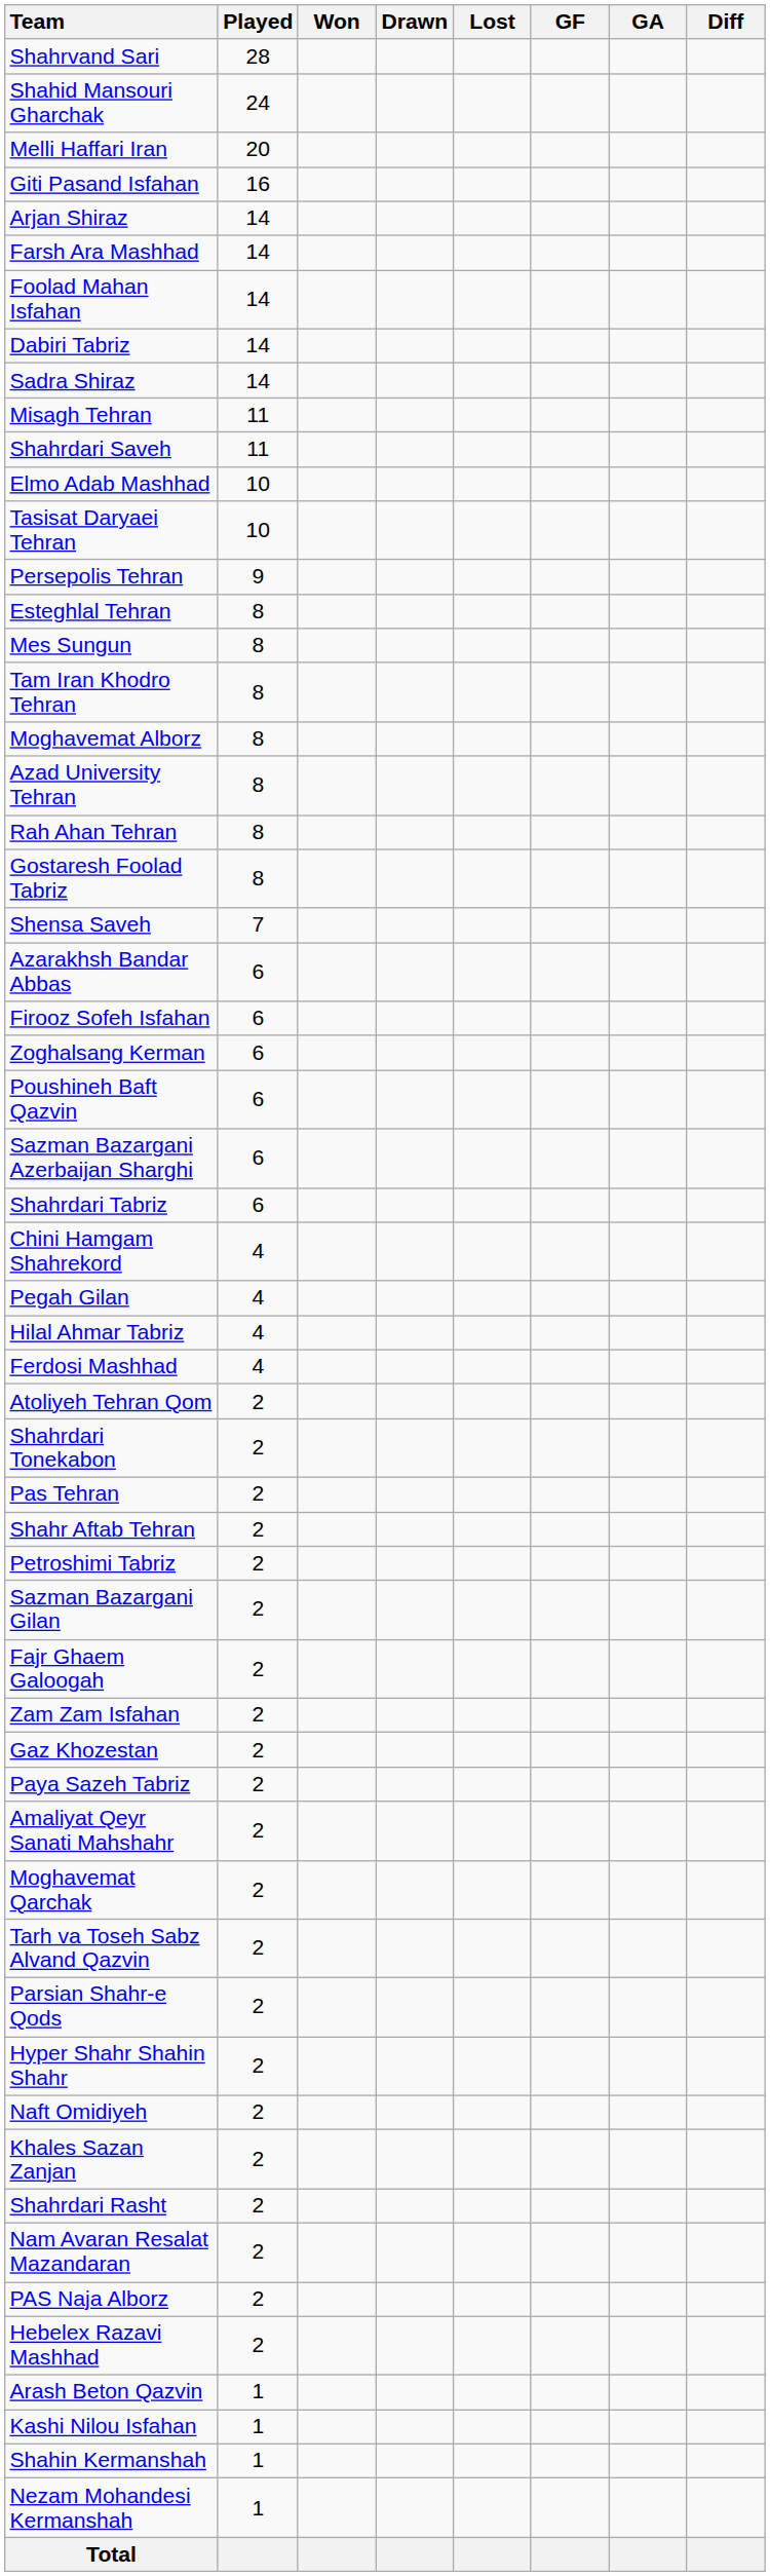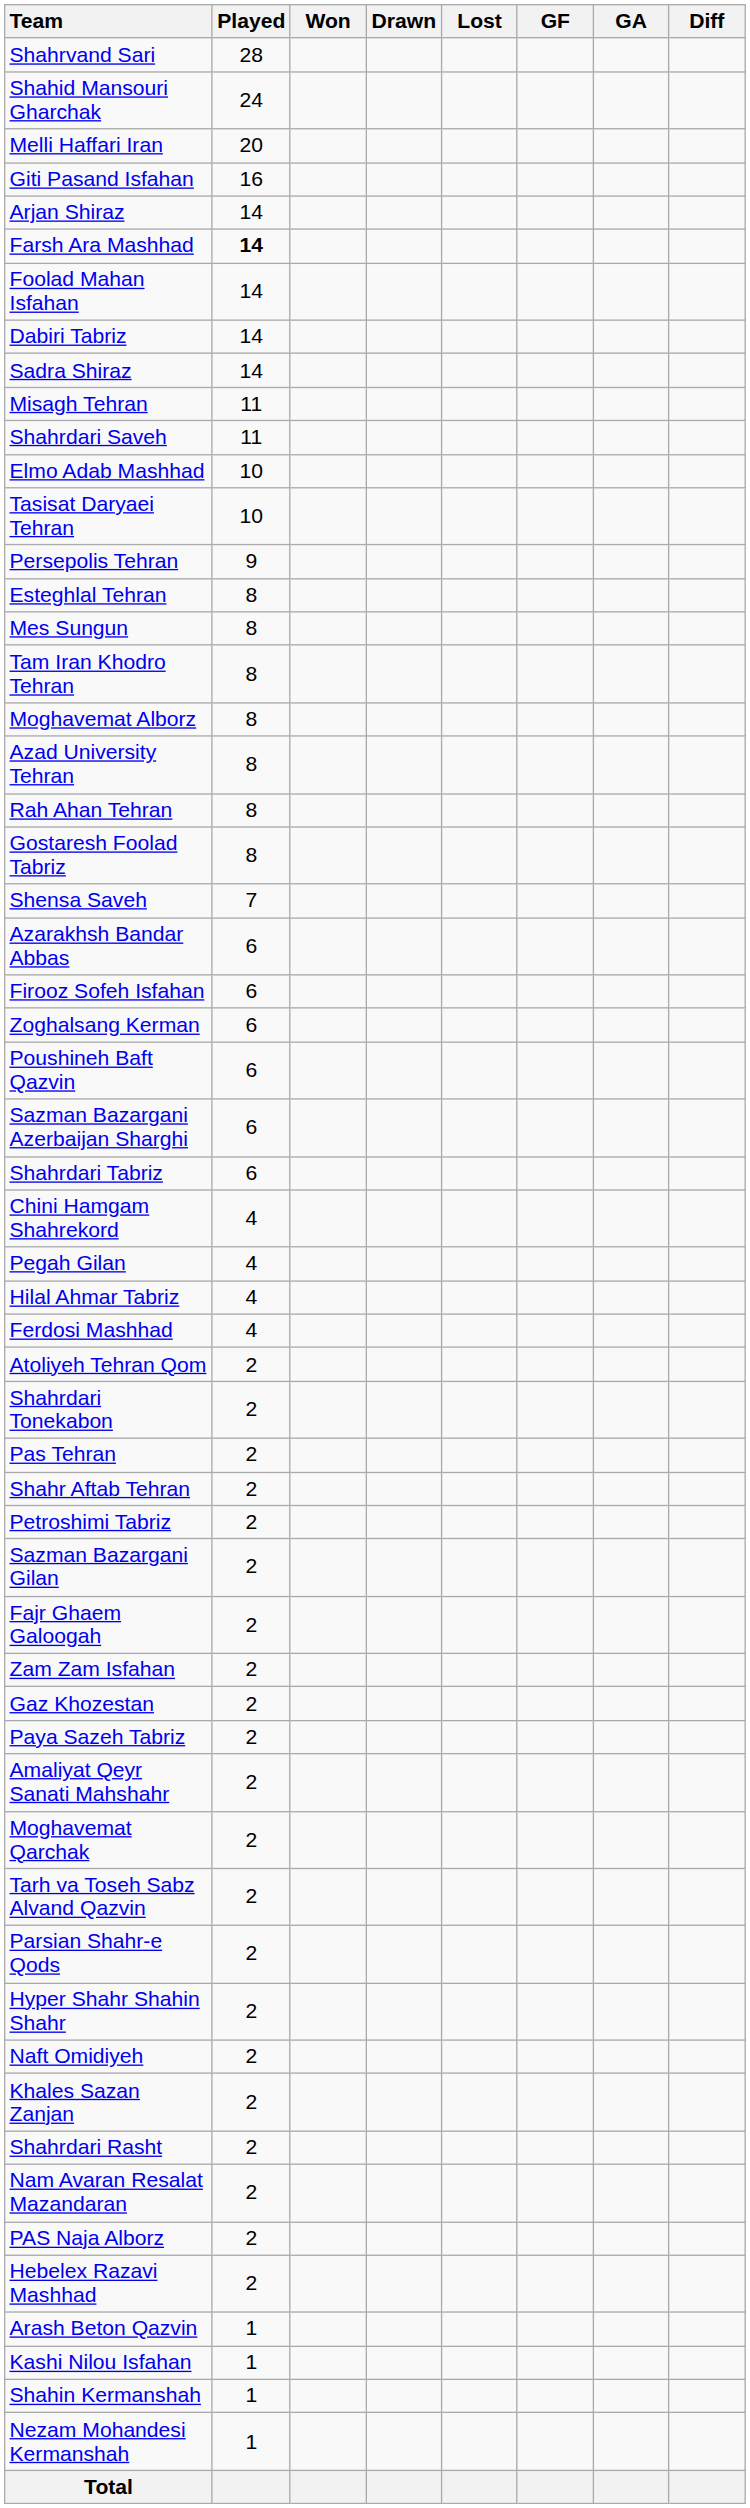 <table class="wikitable sortable collapsible collapsed" style="text-align: center; font-size: 100%">
 <tr>
 <th style="width:150px; text-align:left;">Team</th>
 <th style="width:50px;">Played</th>
 <th style="width:50px;">Won</th>
 <th style="width:50px;">Drawn</th>
 <th style="width:50px;">Lost</th>
 <th style="width:50px;">GF</th>
 <th style="width:50px;">GA</th>
 <th style="width:50px;">Diff</th>
 </tr>
 <tr>
 <td style="text-align:left;"><a href='#'>Shahrvand Sari</a></td>
 <td>28</td>
 <td></td>
 <td></td>
 <td></td>
 <td></td>
 <td></td>
 <td></td>
 </tr>
 <tr>
 <td style="text-align:left;"><a href='#'>Shahid Mansouri Gharchak</a></td>
 <td>24</td>
 <td></td>
 <td></td>
 <td></td>
 <td></td>
 <td></td>
 <td></td>
 </tr>
 <tr>
 <td style="text-align:left;"><a href='#'>Melli Haffari Iran</a></td>
 <td>20</td>
 <td></td>
 <td></td>
 <td></td>
 <td></td>
 <td></td>
 <td></td>
 </tr>
 <tr>
 <td style="text-align:left;"><a href='#'>Giti Pasand Isfahan</a></td>
 <td>16</td>
 <td></td>
 <td></td>
 <td></td>
 <td></td>
 <td></td>
 <td></td>
 </tr>
 <tr>
 <td style="text-align:left;"><a href='#'>Arjan Shiraz</a></td>
 <td>14</td>
 <td></td>
 <td></td>
 <td></td>
 <td></td>
 <td></td>
 <td></td>
 </tr>
 <tr>
 <td style="text-align:left;"><a href='#'>Farsh Ara Mashhad</a></td>
-<td>14</td>
+<td><strong>14</strong></td>
 <td></td>
 <td></td>
 <td></td>
 <td></td>
 <td></td>
 <td></td>
 </tr>
 <tr>
 <td style="text-align:left;"><a href='#'>Foolad Mahan Isfahan</a></td>
 <td>14</td>
 <td></td>
 <td></td>
 <td></td>
 <td></td>
 <td></td>
 <td></td>
 </tr>
 <tr>
 <td style="text-align:left;"><a href='#'>Dabiri Tabriz</a></td>
 <td>14</td>
 <td></td>
 <td></td>
 <td></td>
 <td></td>
 <td></td>
 <td></td>
 </tr>
 <tr>
 <td style="text-align:left;"><a href='#'>Sadra Shiraz</a></td>
 <td>14</td>
 <td></td>
 <td></td>
 <td></td>
 <td></td>
 <td></td>
 <td></td>
 </tr>
 <tr>
 <td style="text-align:left;"><a href='#'>Misagh Tehran</a></td>
 <td>11</td>
 <td></td>
 <td></td>
 <td></td>
 <td></td>
 <td></td>
 <td></td>
 </tr>
 <tr>
 <td style="text-align:left;"><a href='#'>Shahrdari Saveh</a></td>
 <td>11</td>
 <td></td>
 <td></td>
 <td></td>
 <td></td>
 <td></td>
 <td></td>
 </tr>
 <tr>
 <td style="text-align:left;"><a href='#'>Elmo Adab Mashhad</a></td>
 <td>10</td>
 <td></td>
 <td></td>
 <td></td>
 <td></td>
 <td></td>
 <td></td>
 </tr>
 <tr>
 <td style="text-align:left;"><a href='#'>Tasisat Daryaei Tehran</a></td>
 <td>10</td>
 <td></td>
 <td></td>
 <td></td>
 <td></td>
 <td></td>
 <td></td>
 </tr>
 <tr>
 <td style="text-align:left;"><a href='#'>Persepolis Tehran</a></td>
 <td>9</td>
 <td></td>
 <td></td>
 <td></td>
 <td></td>
 <td></td>
 <td></td>
 </tr>
 <tr>
 <td style="text-align:left;"><a href='#'>Esteghlal Tehran</a></td>
 <td>8</td>
 <td></td>
 <td></td>
 <td></td>
 <td></td>
 <td></td>
 <td></td>
 </tr>
 <tr>
 <td style="text-align:left;"><a href='#'>Mes Sungun</a></td>
 <td>8</td>
 <td></td>
 <td></td>
 <td></td>
 <td></td>
 <td></td>
 <td></td>
 </tr>
 <tr>
 <td style="text-align:left;"><a href='#'>Tam Iran Khodro Tehran</a></td>
 <td>8</td>
 <td></td>
 <td></td>
 <td></td>
 <td></td>
 <td></td>
 <td></td>
 </tr>
 <tr>
 <td style="text-align:left;"><a href='#'>Moghavemat Alborz</a></td>
 <td>8</td>
 <td></td>
 <td></td>
 <td></td>
 <td></td>
 <td></td>
 <td></td>
 </tr>
 <tr>
 <td style="text-align:left;"><a href='#'>Azad University Tehran</a></td>
 <td>8</td>
 <td></td>
 <td></td>
 <td></td>
 <td></td>
 <td></td>
 <td></td>
 </tr>
 <tr>
 <td style="text-align:left;"><a href='#'>Rah Ahan Tehran</a></td>
 <td>8</td>
 <td></td>
 <td></td>
 <td></td>
 <td></td>
 <td></td>
 <td></td>
 </tr>
 <tr>
 <td style="text-align:left;"><a href='#'>Gostaresh Foolad Tabriz</a></td>
 <td>8</td>
 <td></td>
 <td></td>
 <td></td>
 <td></td>
 <td></td>
 <td></td>
 </tr>
 <tr>
 <td style="text-align:left;"><a href='#'>Shensa Saveh</a></td>
 <td>7</td>
 <td></td>
 <td></td>
 <td></td>
 <td></td>
 <td></td>
 <td></td>
 </tr>
 <tr>
 <td style="text-align:left;"><a href='#'>Azarakhsh Bandar Abbas</a></td>
 <td>6</td>
 <td></td>
 <td></td>
 <td></td>
 <td></td>
 <td></td>
 <td></td>
 </tr>
 <tr>
 <td style="text-align:left;"><a href='#'>Firooz Sofeh Isfahan</a></td>
 <td>6</td>
 <td></td>
 <td></td>
 <td></td>
 <td></td>
 <td></td>
 <td></td>
 </tr>
 <tr>
 <td style="text-align:left;"><a href='#'>Zoghalsang Kerman</a></td>
 <td>6</td>
 <td></td>
 <td></td>
 <td></td>
 <td></td>
 <td></td>
 <td></td>
 </tr>
 <tr>
 <td style="text-align:left;"><a href='#'>Poushineh Baft Qazvin</a></td>
 <td>6</td>
 <td></td>
 <td></td>
 <td></td>
 <td></td>
 <td></td>
 <td></td>
 </tr>
 <tr>
 <td style="text-align:left;"><a href='#'>Sazman Bazargani Azerbaijan Sharghi</a></td>
 <td>6</td>
 <td></td>
 <td></td>
 <td></td>
 <td></td>
 <td></td>
 <td></td>
 </tr>
 <tr>
 <td style="text-align:left;"><a href='#'>Shahrdari Tabriz</a></td>
 <td>6</td>
 <td></td>
 <td></td>
 <td></td>
 <td></td>
 <td></td>
 <td></td>
 </tr>
 <tr>
 <td style="text-align:left;"><a href='#'>Chini Hamgam Shahrekord</a></td>
 <td>4</td>
 <td></td>
 <td></td>
 <td></td>
 <td></td>
 <td></td>
 <td></td>
 </tr>
 <tr>
 <td style="text-align:left;"><a href='#'>Pegah Gilan</a></td>
 <td>4</td>
 <td></td>
 <td></td>
 <td></td>
 <td></td>
 <td></td>
 <td></td>
 </tr>
 <tr>
 <td style="text-align:left;"><a href='#'>Hilal Ahmar Tabriz</a></td>
 <td>4</td>
 <td></td>
 <td></td>
 <td></td>
 <td></td>
 <td></td>
 <td></td>
 </tr>
 <tr>
 <td style="text-align:left;"><a href='#'>Ferdosi Mashhad</a></td>
 <td>4</td>
 <td></td>
 <td></td>
 <td></td>
 <td></td>
 <td></td>
 <td></td>
 </tr>
 <tr>
 <td style="text-align:left;"><a href='#'>Atoliyeh Tehran Qom</a></td>
 <td>2</td>
 <td></td>
 <td></td>
 <td></td>
 <td></td>
 <td></td>
 <td></td>
 </tr>
 <tr>
 <td style="text-align:left;"><a href='#'>Shahrdari Tonekabon</a></td>
 <td>2</td>
 <td></td>
 <td></td>
 <td></td>
 <td></td>
 <td></td>
 <td></td>
 </tr>
 <tr>
 <td style="text-align:left;"><a href='#'>Pas Tehran</a></td>
 <td>2</td>
 <td></td>
 <td></td>
 <td></td>
 <td></td>
 <td></td>
 <td></td>
 </tr>
 <tr>
 <td style="text-align:left;"><a href='#'>Shahr Aftab Tehran</a></td>
 <td>2</td>
 <td></td>
 <td></td>
 <td></td>
 <td></td>
 <td></td>
 <td></td>
 </tr>
 <tr>
 <td style="text-align:left;"><a href='#'>Petroshimi Tabriz</a></td>
 <td>2</td>
 <td></td>
 <td></td>
 <td></td>
 <td></td>
 <td></td>
 <td></td>
 </tr>
 <tr>
 <td style="text-align:left;"><a href='#'>Sazman Bazargani Gilan</a></td>
 <td>2</td>
 <td></td>
 <td></td>
 <td></td>
 <td></td>
 <td></td>
 <td></td>
 </tr>
 <tr>
 <td style="text-align:left;"><a href='#'>Fajr Ghaem Galoogah</a></td>
 <td>2</td>
 <td></td>
 <td></td>
 <td></td>
 <td></td>
 <td></td>
 <td></td>
 </tr>
 <tr>
 <td style="text-align:left;"><a href='#'>Zam Zam Isfahan</a></td>
 <td>2</td>
 <td></td>
 <td></td>
 <td></td>
 <td></td>
 <td></td>
 <td></td>
 </tr>
 <tr>
 <td style="text-align:left;"><a href='#'>Gaz Khozestan</a></td>
 <td>2</td>
 <td></td>
 <td></td>
 <td></td>
 <td></td>
 <td></td>
 <td></td>
 </tr>
 <tr>
 <td style="text-align:left;"><a href='#'>Paya Sazeh Tabriz</a></td>
 <td>2</td>
 <td></td>
 <td></td>
 <td></td>
 <td></td>
 <td></td>
 <td></td>
 </tr>
 <tr>
 <td style="text-align:left;"><a href='#'>Amaliyat Qeyr Sanati Mahshahr</a></td>
 <td>2</td>
 <td></td>
 <td></td>
 <td></td>
 <td></td>
 <td></td>
 <td></td>
 </tr>
 <tr>
 <td style="text-align:left;"><a href='#'>Moghavemat Qarchak</a></td>
 <td>2</td>
 <td></td>
 <td></td>
 <td></td>
 <td></td>
 <td></td>
 <td></td>
 </tr>
 <tr>
 <td style="text-align:left;"><a href='#'>Tarh va Toseh Sabz Alvand Qazvin</a></td>
 <td>2</td>
 <td></td>
 <td></td>
 <td></td>
 <td></td>
 <td></td>
 <td></td>
 </tr>
 <tr>
 <td style="text-align:left;"><a href='#'>Parsian Shahr-e Qods</a></td>
 <td>2</td>
 <td></td>
 <td></td>
 <td></td>
 <td></td>
 <td></td>
 <td></td>
 </tr>
 <tr>
 <td style="text-align:left;"><a href='#'>Hyper Shahr Shahin Shahr</a></td>
 <td>2</td>
 <td></td>
 <td></td>
 <td></td>
 <td></td>
 <td></td>
 <td></td>
 </tr>
 <tr>
 <td style="text-align:left;"><a href='#'>Naft Omidiyeh</a></td>
 <td>2</td>
 <td></td>
 <td></td>
 <td></td>
 <td></td>
 <td></td>
 <td></td>
 </tr>
 <tr>
 <td style="text-align:left;"><a href='#'>Khales Sazan Zanjan</a></td>
 <td>2</td>
 <td></td>
 <td></td>
 <td></td>
 <td></td>
 <td></td>
 <td></td>
 </tr>
 <tr>
 <td style="text-align:left;"><a href='#'>Shahrdari Rasht</a></td>
 <td>2</td>
 <td></td>
 <td></td>
 <td></td>
 <td></td>
 <td></td>
 <td></td>
 </tr>
 <tr>
 <td style="text-align:left;"><a href='#'>Nam Avaran Resalat Mazandaran</a></td>
 <td>2</td>
 <td></td>
 <td></td>
 <td></td>
 <td></td>
 <td></td>
 <td></td>
 </tr>
 <tr>
 <td style="text-align:left;"><a href='#'>PAS Naja Alborz</a></td>
 <td>2</td>
 <td></td>
 <td></td>
 <td></td>
 <td></td>
 <td></td>
 <td></td>
 </tr>
 <tr>
 <td style="text-align:left;"><a href='#'>Hebelex Razavi Mashhad</a></td>
 <td>2</td>
 <td></td>
 <td></td>
 <td></td>
 <td></td>
 <td></td>
 <td></td>
 </tr>
 <tr>
 <td style="text-align:left;"><a href='#'>Arash Beton Qazvin</a></td>
 <td>1</td>
 <td></td>
 <td></td>
 <td></td>
 <td></td>
 <td></td>
 <td></td>
 </tr>
 <tr>
 <td style="text-align:left;"><a href='#'>Kashi Nilou Isfahan</a></td>
 <td>1</td>
 <td></td>
 <td></td>
 <td></td>
 <td></td>
 <td></td>
 <td></td>
 </tr>
 <tr>
 <td style="text-align:left;"><a href='#'>Shahin Kermanshah</a></td>
 <td>1</td>
 <td></td>
 <td></td>
 <td></td>
 <td></td>
 <td></td>
 <td></td>
 </tr>
 <tr>
 <td style="text-align:left;"><a href='#'>Nezam Mohandesi Kermanshah</a></td>
 <td>1</td>
 <td></td>
 <td></td>
 <td></td>
 <td></td>
 <td></td>
 <td></td>
 </tr>
 <tr class="sortbottom">
 <th>Total</th>
 <th></th>
 <th></th>
 <th></th>
 <th></th>
 <th></th>
 <th></th>
 <th></th>
 </tr>
 </table>
